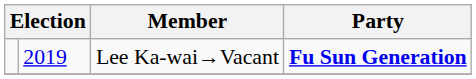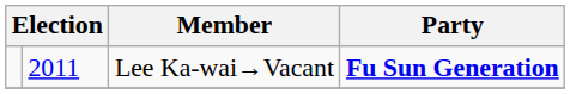 <table class="wikitable">
 <tr>
 <th colspan="2">Election</th>
 <th>Member</th>
 <th>Party</th>
 </tr>
 <tr>
 <td style="color:inherit;background:"></td>
-<td><a href='#'>2019</a></td>
+<td><a href='#'>2011</a></td>
 <td>Lee Ka-wai→Vacant</td>
 <td><strong><a href='#'>Fu Sun Generation</a></strong></td>
 </tr>
 <tr>
 </tr>
 </table>
